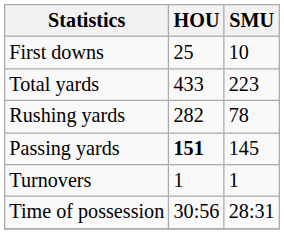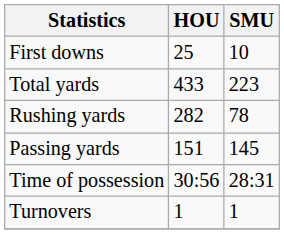 <table class="wikitable">
 <tr>
 <th>Statistics</th>
 <th>HOU</th>
 <th>SMU</th>
 </tr>
 <tr>
 <td>First downs</td>
 <td>25</td>
 <td>10</td>
 </tr>
 <tr>
 <td>Total yards</td>
 <td>433</td>
 <td>223</td>
 </tr>
 <tr>
 <td>Rushing yards</td>
 <td>282</td>
 <td>78</td>
 </tr>
 <tr>
 <td>Passing yards</td>
-<td><strong>151</strong></td>
+<td>151</td>
 <td>145</td>
+</tr>
+<tr>
+<td>Time of possession</td>
+<td>30:56</td>
+<td>28:31</td>
 </tr>
 <tr>
 <td>Turnovers</td>
 <td>1</td>
 <td>1</td>
 </tr>
 <tr>
-<td>Time of possession</td>
-<td>30:56</td>
-<td>28:31</td>
-</tr>
-<tr>
 </tr>
 </table>
